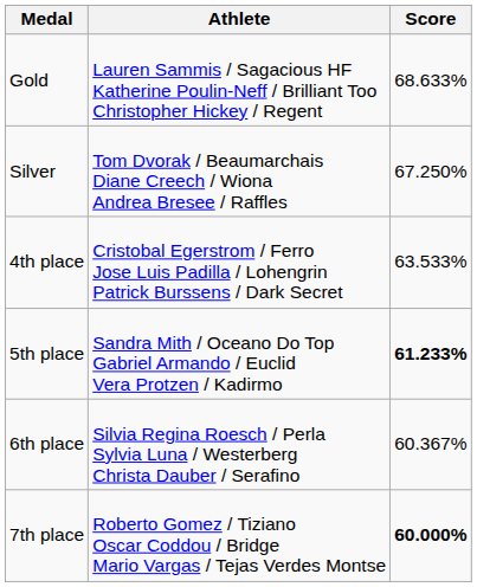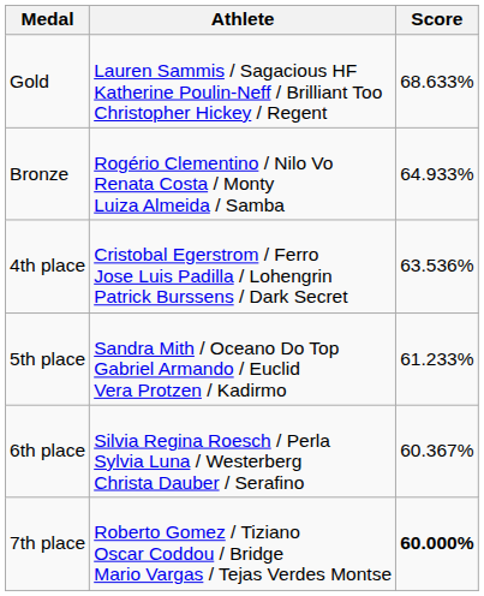 <table class="wikitable">
 <tr>
 <th>Medal</th>
 <th>Athlete</th>
 <th>Score</th>
 </tr>
 <tr>
 <td>Gold</td>
 <td><br><a href='#'>Lauren Sammis</a> / Sagacious HF<br> <a href='#'>Katherine Poulin-Neff</a> / Brilliant Too<br> <a href='#'>Christopher Hickey</a> / Regent</td>
 <td>68.633%</td>
 </tr>
 <tr>
-<td>Silver</td>
-<td><br><a href='#'>Tom Dvorak</a> / Beaumarchais<br> <a href='#'>Diane Creech</a> / Wiona<br> <a href='#'>Andrea Bresee</a> / Raffles</td>
-<td>67.250%</td>
+<td>Bronze</td>
+<td><br><a href='#'>Rogério Clementino</a> / Nilo Vo<br> <a href='#'>Renata Costa</a> / Monty<br> <a href='#'>Luiza Almeida</a> / Samba</td>
+<td>64.933%</td>
 </tr>
 <tr>
 <td>4th place</td>
 <td><br><a href='#'>Cristobal Egerstrom</a> / Ferro<br> <a href='#'>Jose Luis Padilla</a> / Lohengrin<br> <a href='#'>Patrick Burssens</a> / Dark Secret</td>
-<td>63.533%</td>
+<td>63.536%</td>
 </tr>
 <tr>
 <td>5th place</td>
 <td><br><a href='#'>Sandra Mith</a> / Oceano Do Top<br> <a href='#'>Gabriel Armando</a> / Euclid<br> <a href='#'>Vera Protzen</a> / Kadirmo</td>
-<td><strong>61.233%</strong></td>
+<td>61.233%</td>
 </tr>
 <tr>
 <td>6th place</td>
 <td><br><a href='#'>Silvia Regina Roesch</a> / Perla<br> <a href='#'>Sylvia Luna</a> / Westerberg<br> <a href='#'>Christa Dauber</a> / Serafino</td>
 <td>60.367%</td>
 </tr>
 <tr>
 <td>7th place</td>
 <td><br><a href='#'>Roberto Gomez</a> / Tiziano<br> <a href='#'>Oscar Coddou</a> / Bridge<br> <a href='#'>Mario Vargas</a> / Tejas Verdes Montse</td>
 <td><strong>60.000%</strong></td>
 </tr>
 </table>
